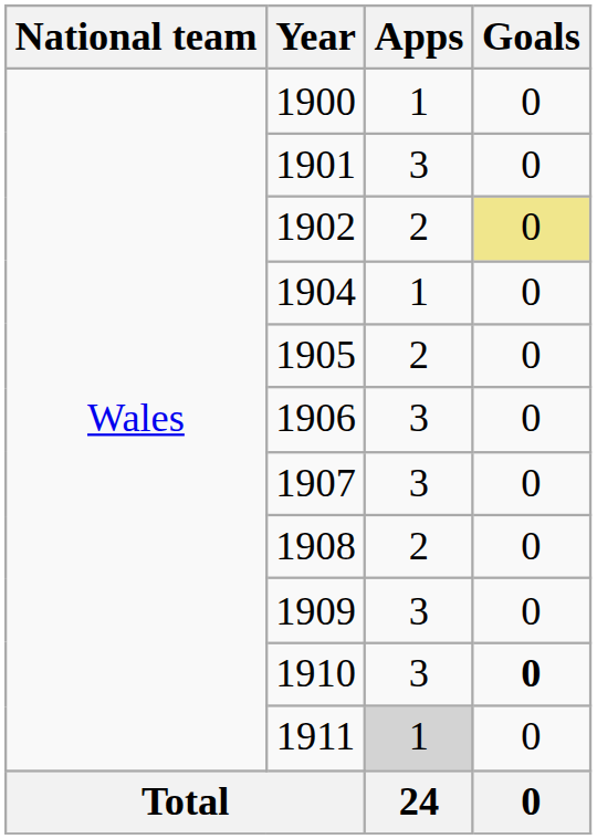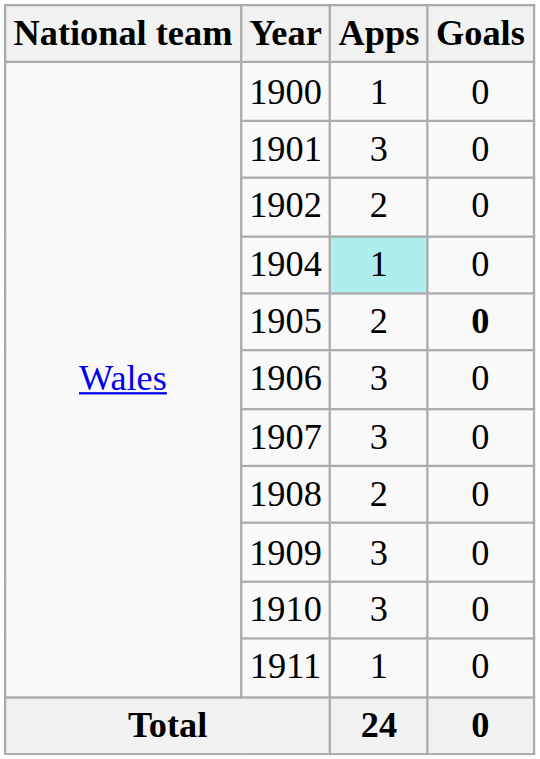 <table class=wikitable style="text-align: center">
 <tr>
 <th>National team</th>
 <th>Year</th>
 <th>Apps</th>
 <th>Goals</th>
 </tr>
 <tr>
 <td rowspan=11><a href='#'>Wales</a></td>
 <td>1900</td>
 <td>1</td>
 <td>0</td>
 </tr>
 <tr>
 <td>1901</td>
 <td>3</td>
 <td>0</td>
 </tr>
 <tr>
 <td>1902</td>
 <td>2</td>
-<td style="background: khaki;">0</td>
+<td>0</td>
 </tr>
 <tr>
 <td>1904</td>
-<td>1</td>
+<td style="background: paleturquoise;">1</td>
 <td>0</td>
 </tr>
 <tr>
 <td>1905</td>
 <td>2</td>
-<td>0</td>
+<td><strong>0</strong></td>
 </tr>
 <tr>
 <td>1906</td>
 <td>3</td>
 <td>0</td>
 </tr>
 <tr>
 <td>1907</td>
 <td>3</td>
 <td>0</td>
 </tr>
 <tr>
 <td>1908</td>
 <td>2</td>
 <td>0</td>
 </tr>
 <tr>
 <td>1909</td>
 <td>3</td>
 <td>0</td>
 </tr>
 <tr>
 <td>1910</td>
 <td>3</td>
-<td><strong>0</strong></td>
+<td>0</td>
 </tr>
 <tr>
 <td>1911</td>
-<td style="background: lightgrey;">1</td>
+<td>1</td>
 <td>0</td>
 </tr>
 <tr>
 <th colspan=2>Total</th>
 <th>24</th>
 <th>0</th>
 </tr>
 </table>
